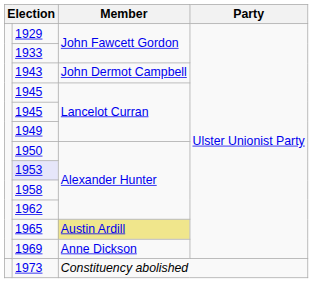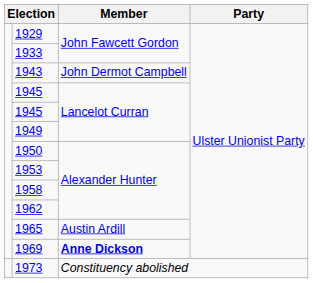 <table class="wikitable">
 <tr>
 <th colspan="2">Election</th>
 <th>Member</th>
 <th>Party</th>
 </tr>
 <tr>
 <td rowspan="12" style="background-color: "></td>
 <td><a href='#'>1929</a></td>
 <td rowspan="2"><a href='#'>John Fawcett Gordon</a></td>
 <td rowspan="12"><a href='#'>Ulster Unionist Party</a></td>
 </tr>
 <tr>
 <td><a href='#'>1933</a></td>
 </tr>
 <tr>
 <td><a href='#'>1943</a></td>
 <td><a href='#'>John Dermot Campbell</a></td>
 </tr>
 <tr>
 <td><a href='#'>1945</a></td>
 <td rowspan="3"><a href='#'>Lancelot Curran</a></td>
 </tr>
 <tr>
 <td><a href='#'>1945</a></td>
 </tr>
 <tr>
 <td><a href='#'>1949</a></td>
 </tr>
 <tr>
 <td><a href='#'>1950</a></td>
 <td rowspan="4"><a href='#'>Alexander Hunter</a></td>
 </tr>
 <tr>
-<td style="background: lavender;"><a href='#'>1953</a></td>
+<td><a href='#'>1953</a></td>
 </tr>
 <tr>
 <td><a href='#'>1958</a></td>
 </tr>
 <tr>
 <td><a href='#'>1962</a></td>
 </tr>
 <tr>
 <td><a href='#'>1965</a></td>
-<td style="background: khaki;"><a href='#'>Austin Ardill</a></td>
+<td><a href='#'>Austin Ardill</a></td>
 </tr>
 <tr>
 <td><a href='#'>1969</a></td>
-<td><a href='#'>Anne Dickson</a></td>
+<td><strong><a href='#'>Anne Dickson</a></strong></td>
 </tr>
 <tr>
 <td></td>
 <td><a href='#'>1973</a></td>
 <td colspan="3"><em>Constituency abolished</em></td>
 </tr>
 </table>
